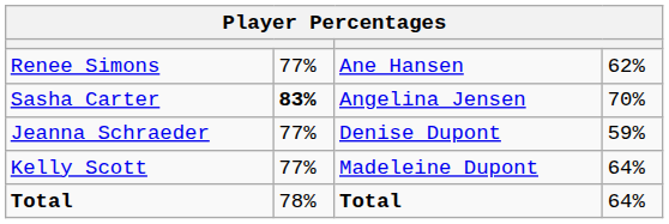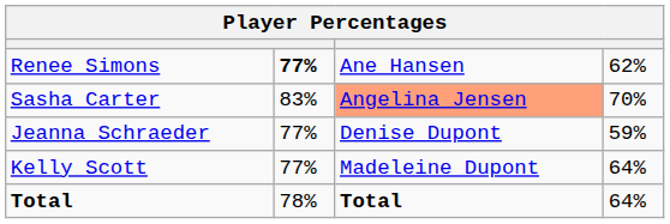 <table class="wikitable">
 <tr>
 <th colspan=4 width=400>Player Percentages</th>
 </tr>
 <tr>
 <th colspan=2 width=200></th>
 <th colspan=2 width=200></th>
 </tr>
 <tr>
 <td><a href='#'>Renee Simons</a></td>
-<td>77%</td>
+<td><strong>77%</strong></td>
 <td><a href='#'>Ane Hansen</a></td>
 <td>62%</td>
 </tr>
 <tr>
 <td><a href='#'>Sasha Carter</a></td>
-<td><strong>83%</strong></td>
-<td><a href='#'>Angelina Jensen</a></td>
+<td>83%</td>
+<td style="background: lightsalmon;"><a href='#'>Angelina Jensen</a></td>
 <td>70%</td>
 </tr>
 <tr>
 <td><a href='#'>Jeanna Schraeder</a></td>
 <td>77%</td>
 <td><a href='#'>Denise Dupont</a></td>
 <td>59%</td>
 </tr>
 <tr>
 <td><a href='#'>Kelly Scott</a></td>
 <td>77%</td>
 <td><a href='#'>Madeleine Dupont</a></td>
 <td>64%</td>
 </tr>
 <tr>
 <td><strong>Total</strong></td>
 <td>78%</td>
 <td><strong>Total</strong></td>
 <td>64%</td>
 </tr>
 </table>
